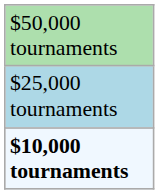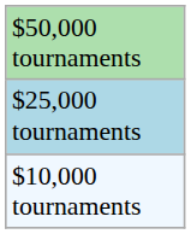 <table class="wikitable" style="font-size:85%;" width=15%>
 <tr bgcolor=ADDFAD>
 <td>$50,000 tournaments</td>
 </tr>
 <tr bgcolor=lightblue>
 <td>$25,000 tournaments</td>
 </tr>
 <tr bgcolor="#f0f8ff">
-<td><strong>$10,000 tournaments</strong></td>
+<td>$10,000 tournaments</td>
 </tr>
 </table>
